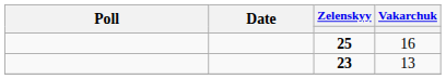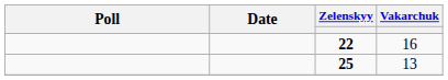 <table class="wikitable" style="text-align:center;font-size:95%;line-height:14px;">
 <tr>
 <th rowspan=2 style="width:200px;">Poll</th>
 <th rowspan=2 style="width:100px;">Date</th>
 <th><small><a href='#'>Zelenskyy</a></small><br></th>
 <th><small><a href='#'>Vakarchuk</a></small><br></th>
 </tr>
 <tr>
 <th style="background:"></th>
 <th style="background:"></th>
 </tr>
 <tr>
 <td> </td>
 <td></td>
-<td style="background-color:#"><strong>25</strong></td>
+<td style="background-color:#"><strong>22</strong></td>
 <td>16</td>
 </tr>
 <tr>
 <td> </td>
 <td></td>
-<td style="background-color:#"><strong>23</strong></td>
+<td style="background-color:#"><strong>25</strong></td>
 <td>13</td>
 </tr>
 <tr>
 </tr>
 </table>
